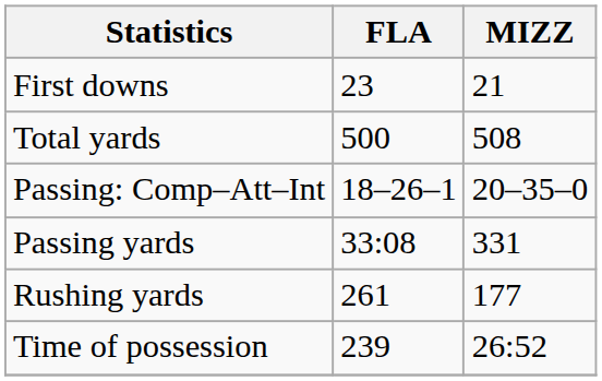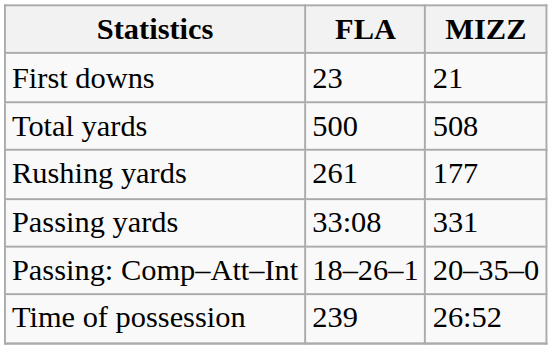 <table class="wikitable" style="float: left;">
 <tr>
 <th>Statistics</th>
 <th>FLA</th>
 <th>MIZZ</th>
 </tr>
 <tr>
 <td>First downs</td>
 <td>23</td>
 <td>21</td>
 </tr>
 <tr>
 <td>Total yards</td>
 <td>500</td>
 <td>508</td>
 </tr>
 <tr>
-<td>Passing: Comp–Att–Int</td>
-<td>18–26–1</td>
-<td>20–35–0</td>
+<td>Rushing yards</td>
+<td>261</td>
+<td>177</td>
 </tr>
 <tr>
 <td>Passing yards</td>
 <td>33:08</td>
 <td>331</td>
 </tr>
 <tr>
-<td>Rushing yards</td>
-<td>261</td>
-<td>177</td>
+<td>Passing: Comp–Att–Int</td>
+<td>18–26–1</td>
+<td>20–35–0</td>
 </tr>
 <tr>
 <td>Time of possession</td>
 <td>239</td>
 <td>26:52</td>
 </tr>
 <tr>
 </tr>
 </table>
